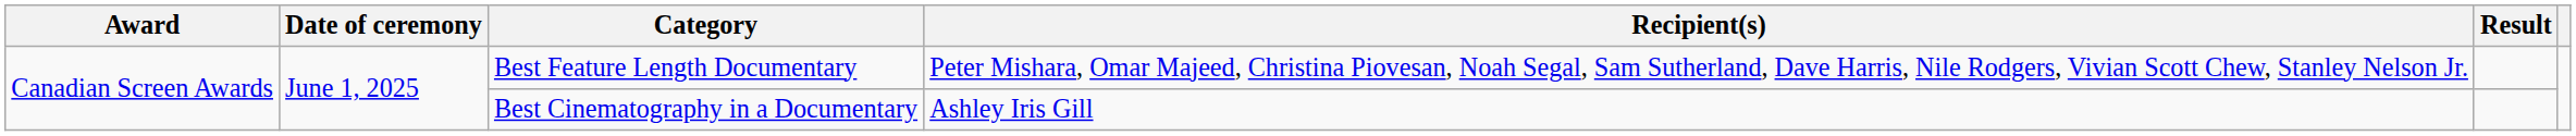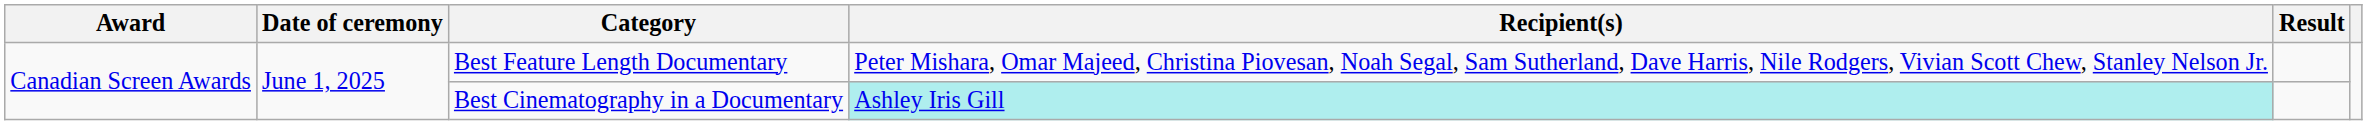 <table class="wikitable sortable plainrowheaders">
 <tr>
 <th scope="col">Award</th>
 <th scope="col">Date of ceremony</th>
 <th scope="col">Category</th>
 <th scope="col">Recipient(s)</th>
 <th scope="col">Result</th>
 <th scope="col" class="unsortable"></th>
 </tr>
 <tr>
 <td rowspan=2><a href='#'>Canadian Screen Awards</a></td>
 <td rowspan=2><a href='#'>June 1, 2025</a></td>
 <td><a href='#'>Best Feature Length Documentary</a></td>
 <td><a href='#'>Peter Mishara</a>, <a href='#'>Omar Majeed</a>, <a href='#'>Christina Piovesan</a>, <a href='#'>Noah Segal</a>, <a href='#'>Sam Sutherland</a>, <a href='#'>Dave Harris</a>, <a href='#'>Nile Rodgers</a>, <a href='#'>Vivian Scott Chew</a>, <a href='#'>Stanley Nelson Jr.</a></td>
 <td></td>
 <td rowspan=2></td>
 </tr>
 <tr>
 <td><a href='#'>Best Cinematography in a Documentary</a></td>
-<td><a href='#'>Ashley Iris Gill</a></td>
+<td style="background: paleturquoise;"><a href='#'>Ashley Iris Gill</a></td>
 <td></td>
 </tr>
 </table>
